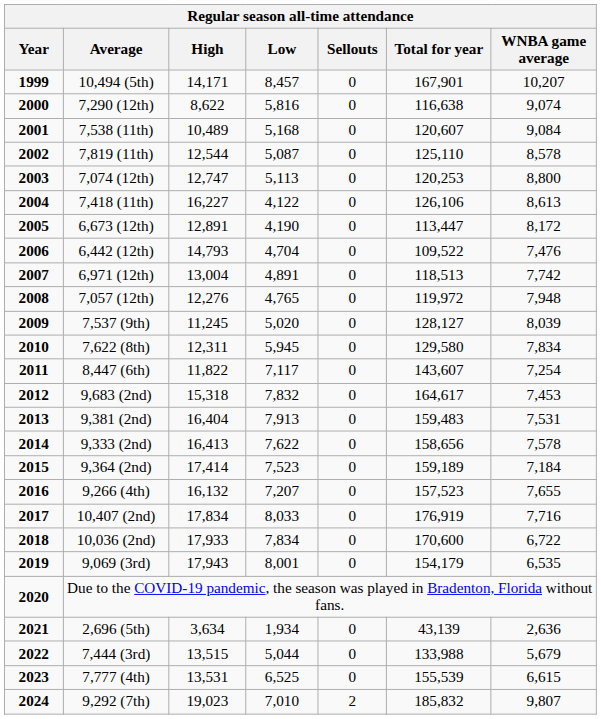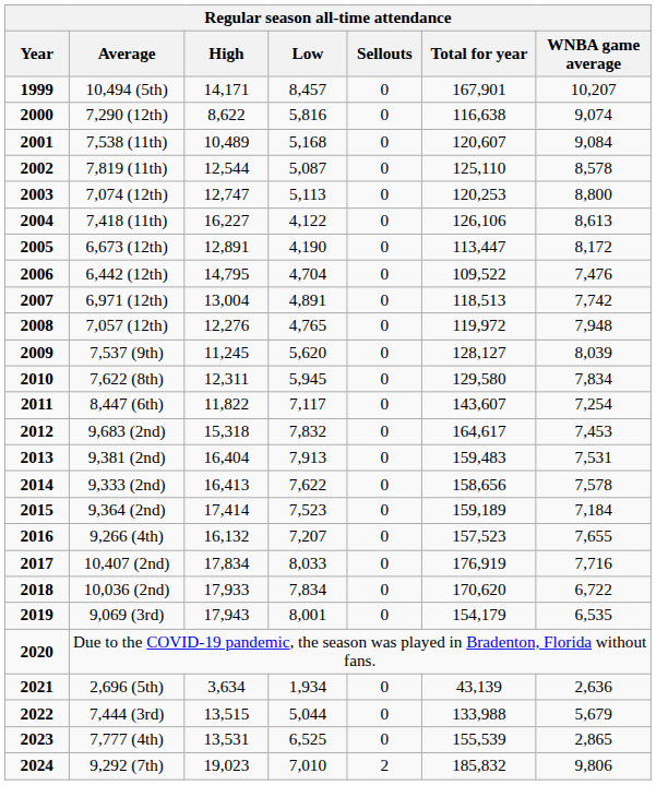 <table class="wikitable" style="clear:both; margin:1.5em auto; text-align:center;">
 <tr>
 <th colspan=7>Regular season all-time attendance</th>
 </tr>
 <tr>
 <th style="width:75px;">Year</th>
 <th style="width:150px;">Average</th>
 <th style="width:100px;">High</th>
 <th style="width:100px;">Low</th>
 <th style="width:75px;">Sellouts</th>
 <th style="width:150px;">Total for year</th>
 <th style="width:150px;">WNBA game average</th>
 </tr>
 <tr>
 <td><strong>1999</strong></td>
 <td>10,494 (5th)</td>
 <td>14,171</td>
 <td>8,457</td>
 <td>0</td>
 <td>167,901</td>
 <td>10,207</td>
 </tr>
 <tr>
 <td><strong>2000</strong></td>
 <td>7,290 (12th)</td>
 <td>8,622</td>
 <td>5,816</td>
 <td>0</td>
 <td>116,638</td>
 <td>9,074</td>
 </tr>
 <tr>
 <td><strong>2001</strong></td>
 <td>7,538 (11th)</td>
 <td>10,489</td>
 <td>5,168</td>
 <td>0</td>
 <td>120,607</td>
 <td>9,084</td>
 </tr>
 <tr>
 <td><strong>2002</strong></td>
 <td>7,819 (11th)</td>
 <td>12,544</td>
 <td>5,087</td>
 <td>0</td>
 <td>125,110</td>
 <td>8,578</td>
 </tr>
 <tr>
 <td><strong>2003</strong></td>
 <td>7,074 (12th)</td>
 <td>12,747</td>
 <td>5,113</td>
 <td>0</td>
 <td>120,253</td>
 <td>8,800</td>
 </tr>
 <tr>
 <td><strong>2004</strong></td>
 <td>7,418 (11th)</td>
 <td>16,227</td>
 <td>4,122</td>
 <td>0</td>
 <td>126,106</td>
 <td>8,613</td>
 </tr>
 <tr>
 <td><strong>2005</strong></td>
 <td>6,673 (12th)</td>
 <td>12,891</td>
 <td>4,190</td>
 <td>0</td>
 <td>113,447</td>
 <td>8,172</td>
 </tr>
 <tr>
 <td><strong>2006</strong></td>
 <td>6,442 (12th)</td>
-<td>14,793</td>
+<td>14,795</td>
 <td>4,704</td>
 <td>0</td>
 <td>109,522</td>
 <td>7,476</td>
 </tr>
 <tr>
 <td><strong>2007</strong></td>
 <td>6,971 (12th)</td>
 <td>13,004</td>
 <td>4,891</td>
 <td>0</td>
 <td>118,513</td>
 <td>7,742</td>
 </tr>
 <tr>
 <td><strong>2008</strong></td>
 <td>7,057 (12th)</td>
 <td>12,276</td>
 <td>4,765</td>
 <td>0</td>
 <td>119,972</td>
 <td>7,948</td>
 </tr>
 <tr>
 <td><strong>2009</strong></td>
 <td>7,537 (9th)</td>
 <td>11,245</td>
-<td>5,020</td>
+<td>5,620</td>
 <td>0</td>
 <td>128,127</td>
 <td>8,039</td>
 </tr>
 <tr>
 <td><strong>2010</strong></td>
 <td>7,622 (8th)</td>
 <td>12,311</td>
 <td>5,945</td>
 <td>0</td>
 <td>129,580</td>
 <td>7,834</td>
 </tr>
 <tr>
 <td><strong>2011</strong></td>
 <td>8,447 (6th)</td>
 <td>11,822</td>
 <td>7,117</td>
 <td>0</td>
 <td>143,607</td>
 <td>7,254</td>
 </tr>
 <tr>
 <td><strong>2012</strong></td>
 <td>9,683 (2nd)</td>
 <td>15,318</td>
 <td>7,832</td>
 <td>0</td>
 <td>164,617</td>
 <td>7,453</td>
 </tr>
 <tr>
 <td><strong>2013</strong></td>
 <td>9,381 (2nd)</td>
 <td>16,404</td>
 <td>7,913</td>
 <td>0</td>
 <td>159,483</td>
 <td>7,531</td>
 </tr>
 <tr>
 <td><strong>2014</strong></td>
 <td>9,333 (2nd)</td>
 <td>16,413</td>
 <td>7,622</td>
 <td>0</td>
 <td>158,656</td>
 <td>7,578</td>
 </tr>
 <tr>
 <td><strong>2015</strong></td>
 <td>9,364 (2nd)</td>
 <td>17,414</td>
 <td>7,523</td>
 <td>0</td>
 <td>159,189</td>
 <td>7,184</td>
 </tr>
 <tr>
 <td><strong>2016</strong></td>
 <td>9,266 (4th)</td>
 <td>16,132</td>
 <td>7,207</td>
 <td>0</td>
 <td>157,523</td>
 <td>7,655</td>
 </tr>
 <tr>
 <td><strong>2017</strong></td>
 <td>10,407 (2nd)</td>
 <td>17,834</td>
 <td>8,033</td>
 <td>0</td>
 <td>176,919</td>
 <td>7,716</td>
 </tr>
 <tr>
 <td><strong>2018</strong></td>
 <td>10,036 (2nd)</td>
 <td>17,933</td>
 <td>7,834</td>
 <td>0</td>
-<td>170,600</td>
+<td>170,620</td>
 <td>6,722</td>
 </tr>
 <tr>
 <td><strong>2019</strong></td>
 <td>9,069 (3rd)</td>
 <td>17,943</td>
 <td>8,001</td>
 <td>0</td>
 <td>154,179</td>
 <td>6,535</td>
 </tr>
 <tr align="center">
 <td><strong>2020</strong></td>
 <td colspan=6>Due to the <a href='#'>COVID-19 pandemic</a>, the season was played in <a href='#'>Bradenton, Florida</a> without fans.</td>
 </tr>
 <tr>
 <td><strong>2021</strong></td>
 <td>2,696 (5th)</td>
 <td>3,634</td>
 <td>1,934</td>
 <td>0</td>
 <td>43,139</td>
 <td>2,636</td>
 </tr>
 <tr>
 <td><strong>2022</strong></td>
 <td>7,444 (3rd)</td>
 <td>13,515</td>
 <td>5,044</td>
 <td>0</td>
 <td>133,988</td>
 <td>5,679</td>
 </tr>
 <tr>
 <td><strong>2023</strong></td>
 <td>7,777 (4th)</td>
 <td>13,531</td>
 <td>6,525</td>
 <td>0</td>
 <td>155,539</td>
-<td>6,615</td>
+<td>2,865</td>
 </tr>
 <tr>
 <td><strong>2024</strong></td>
 <td>9,292 (7th)</td>
 <td>19,023</td>
 <td>7,010</td>
 <td>2</td>
 <td>185,832</td>
-<td>9,807</td>
+<td>9,806</td>
 </tr>
 </table>
